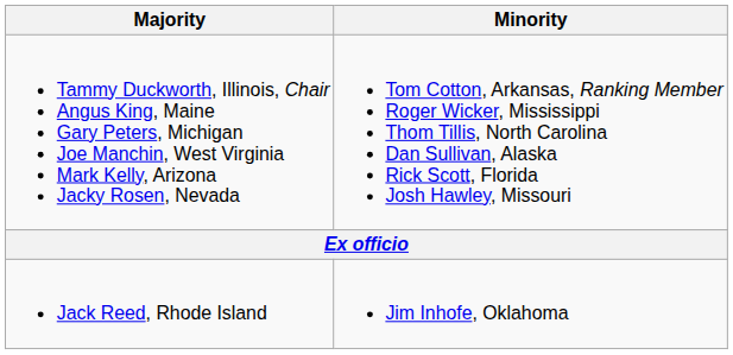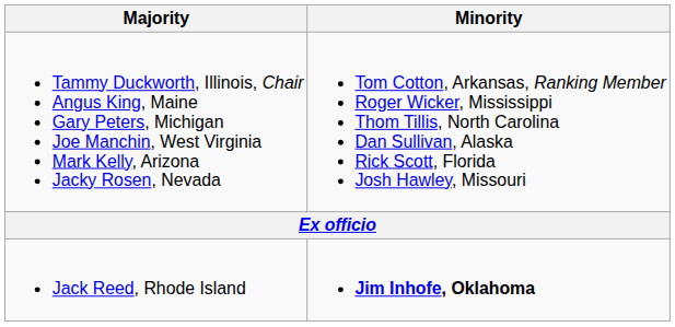 <table class=wikitable>
 <tr>
 <th>Majority</th>
 <th>Minority</th>
 </tr>
 <tr>
 <td><br><ul><li><a href='#'>Tammy Duckworth</a>, Illinois, <em>Chair</em></li><li><span><a href='#'>Angus King</a>, Maine</span></li><li><a href='#'>Gary Peters</a>, Michigan</li><li><a href='#'>Joe Manchin</a>, West Virginia</li><li><a href='#'>Mark Kelly</a>, Arizona</li><li><a href='#'>Jacky Rosen</a>, Nevada</li></ul></td>
 <td><br><ul><li><a href='#'>Tom Cotton</a>, Arkansas, <em>Ranking Member</em></li><li><a href='#'>Roger Wicker</a>, Mississippi</li><li><a href='#'>Thom Tillis</a>, North Carolina</li><li><a href='#'>Dan Sullivan</a>, Alaska</li><li><a href='#'>Rick Scott</a>, Florida</li><li><a href='#'>Josh Hawley</a>, Missouri</li></ul></td>
 </tr>
 <tr>
 <th colspan=2><em><a href='#'>Ex officio</a></em></th>
 </tr>
 <tr>
 <td><br><ul><li><a href='#'>Jack Reed</a>, Rhode Island</li></ul></td>
-<td><br><ul><li><a href='#'>Jim Inhofe</a>, Oklahoma</li></ul></td>
+<td><strong><br><ul><li><a href='#'>Jim Inhofe</a>, Oklahoma</li></ul></strong></td>
 </tr>
 </table>
